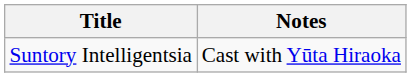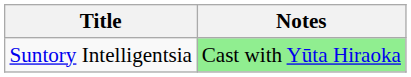 <table class="wikitable">
 <tr>
 <th>Title</th>
 <th>Notes</th>
 </tr>
 <tr>
 <td><a href='#'>Suntory</a> Intelligentsia</td>
-<td>Cast with <a href='#'>Yūta Hiraoka</a></td>
+<td style="background: lightgreen;">Cast with <a href='#'>Yūta Hiraoka</a></td>
 </tr>
 </table>
